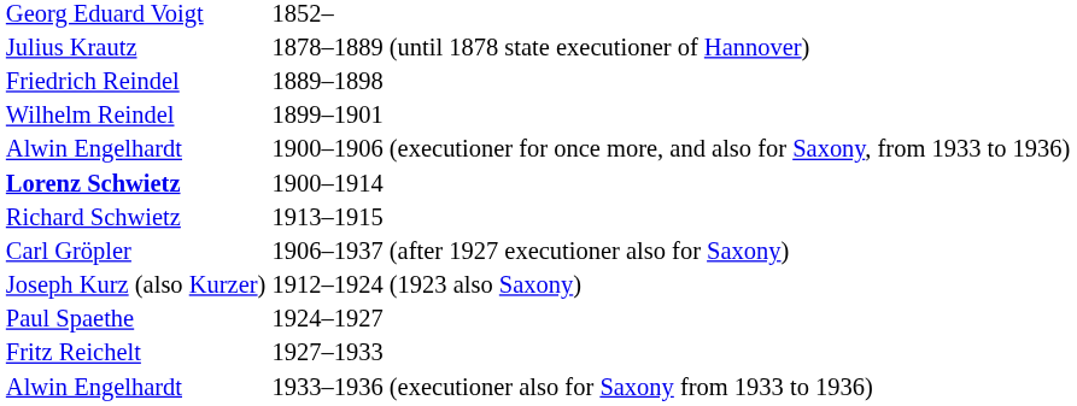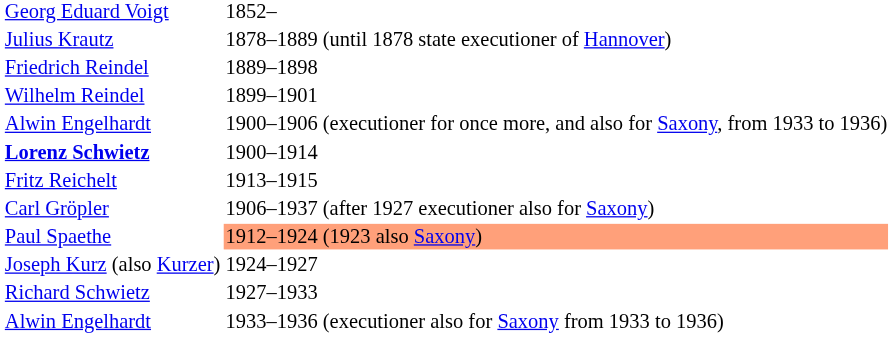 <table>
 <tr>
 <td><a href='#'>Georg Eduard Voigt</a></td>
 <td>1852–</td>
 </tr>
 <tr>
 <td><a href='#'>Julius Krautz</a></td>
 <td>1878–1889 (until 1878 state executioner of <a href='#'>Hannover</a>)</td>
 </tr>
 <tr>
 <td><a href='#'>Friedrich Reindel</a></td>
 <td>1889–1898</td>
 </tr>
 <tr>
 <td><a href='#'>Wilhelm Reindel</a></td>
 <td>1899–1901</td>
 </tr>
 <tr>
 <td><a href='#'>Alwin Engelhardt</a></td>
 <td>1900–1906 (executioner for once more, and also for <a href='#'>Saxony</a>, from 1933 to 1936)</td>
 </tr>
 <tr>
 <td><strong><a href='#'>Lorenz Schwietz</a></strong></td>
 <td>1900–1914</td>
 </tr>
 <tr>
-<td><a href='#'>Richard Schwietz</a></td>
+<td><a href='#'>Fritz Reichelt</a></td>
 <td>1913–1915</td>
 </tr>
 <tr>
 <td><a href='#'>Carl Gröpler</a></td>
 <td>1906–1937 (after 1927 executioner also for <a href='#'>Saxony</a>)</td>
 </tr>
 <tr>
-<td><a href='#'>Joseph Kurz</a> (also <a href='#'>Kurzer</a>)</td>
-<td>1912–1924 (1923 also <a href='#'>Saxony</a>)</td>
+<td><a href='#'>Paul Spaethe</a></td>
+<td style="background: lightsalmon;">1912–1924 (1923 also <a href='#'>Saxony</a>)</td>
 </tr>
 <tr>
-<td><a href='#'>Paul Spaethe</a></td>
+<td><a href='#'>Joseph Kurz</a> (also <a href='#'>Kurzer</a>)</td>
 <td>1924–1927</td>
 </tr>
 <tr>
-<td><a href='#'>Fritz Reichelt</a></td>
+<td><a href='#'>Richard Schwietz</a></td>
 <td>1927–1933</td>
 </tr>
 <tr>
 <td><a href='#'>Alwin Engelhardt</a></td>
 <td>1933–1936 (executioner also for <a href='#'>Saxony</a> from 1933 to 1936)</td>
 </tr>
 <tr>
 </tr>
 </table>
